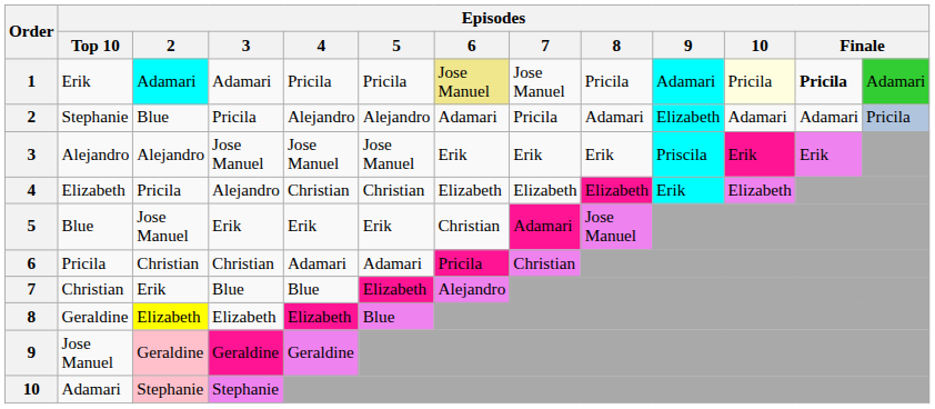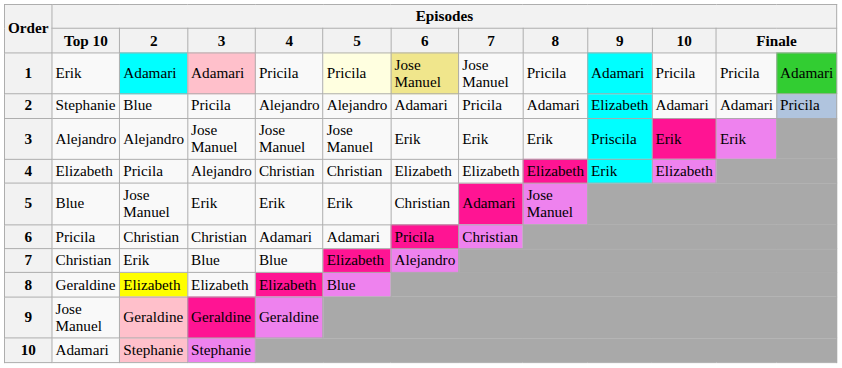 <table class="wikitable">
 <tr>
 <th rowspan=2>Order</th>
 <th colspan=12>Episodes</th>
 </tr>
 <tr>
 <th>Top 10</th>
 <th>2</th>
 <th>3</th>
 <th>4</th>
 <th>5</th>
 <th>6</th>
 <th>7</th>
 <th>8</th>
 <th>9</th>
 <th>10</th>
 <th colspan=2>Finale</th>
 </tr>
 <tr>
 <th>1</th>
 <td>Erik</td>
 <td bgcolor="cyan">Adamari</td>
-<td>Adamari</td>
+<td style="background: pink;">Adamari</td>
 <td>Pricila</td>
-<td>Pricila</td>
+<td style="background: lightyellow;">Pricila</td>
 <td style="background: khaki;">Jose Manuel</td>
 <td>Jose Manuel</td>
 <td>Pricila</td>
 <td bgcolor="cyan">Adamari</td>
-<td style="background: lightyellow;">Pricila</td>
-<td><strong>Pricila</strong></td>
+<td>Pricila</td>
+<td>Pricila</td>
 <td bgcolor="limegreen">Adamari</td>
 </tr>
 <tr>
 <th>2</th>
 <td>Stephanie</td>
 <td>Blue</td>
 <td>Pricila</td>
 <td Alejandro>Alejandro</td>
 <td>Alejandro</td>
 <td>Adamari</td>
 <td>Pricila</td>
 <td>Adamari</td>
 <td bgcolor="cyan">Elizabeth</td>
 <td>Adamari</td>
 <td>Adamari</td>
 <td bgcolor="B0C4DE">Pricila</td>
 </tr>
 <tr>
 <th>3</th>
 <td>Alejandro</td>
 <td>Alejandro</td>
 <td>Jose Manuel</td>
 <td>Jose Manuel</td>
 <td>Jose Manuel</td>
 <td>Erik</td>
 <td>Erik</td>
 <td>Erik</td>
 <td bgcolor="cyan">Priscila</td>
 <td bgcolor="DeepPink">Erik</td>
 <td bgcolor="violet">Erik</td>
 <td bgcolor="darkgray" colspan=1></td>
 </tr>
 <tr>
 <th>4</th>
 <td>Elizabeth</td>
 <td>Pricila</td>
 <td>Alejandro</td>
 <td>Christian</td>
 <td>Christian</td>
 <td>Elizabeth</td>
 <td>Elizabeth</td>
 <td bgcolor="DeepPink">Elizabeth</td>
 <td bgcolor="cyan">Erik</td>
 <td bgcolor="violet">Elizabeth</td>
 <td bgcolor="darkgray" colspan=2></td>
 </tr>
 <tr>
 <th>5</th>
 <td>Blue</td>
 <td>Jose Manuel</td>
 <td>Erik</td>
 <td>Erik</td>
 <td>Erik</td>
 <td>Christian</td>
 <td bgcolor="DeepPink">Adamari</td>
 <td bgcolor="violet">Jose Manuel</td>
 <td bgcolor="darkgray" colspan=4></td>
 </tr>
 <tr>
 <th>6</th>
 <td>Pricila</td>
 <td>Christian</td>
 <td>Christian</td>
 <td>Adamari</td>
 <td>Adamari</td>
 <td bgcolor="DeepPink">Pricila</td>
 <td bgcolor="violet">Christian</td>
 <td bgcolor="darkgray" colspan=5></td>
 </tr>
 <tr>
 <th>7</th>
 <td>Christian</td>
 <td>Erik</td>
 <td>Blue</td>
 <td>Blue</td>
 <td bgcolor="DeepPink">Elizabeth</td>
 <td bgcolor="violet">Alejandro</td>
 <td bgcolor="darkgray" colspan=6></td>
 </tr>
 <tr>
 <th>8</th>
 <td>Geraldine</td>
 <td bgcolor="yellow">Elizabeth</td>
 <td>Elizabeth</td>
 <td bgcolor="DeepPink">Elizabeth</td>
 <td bgcolor="violet">Blue</td>
 <td bgcolor="darkgray" colspan=7></td>
 </tr>
 <tr>
 <th>9</th>
 <td>Jose Manuel</td>
 <td bgcolor="pink">Geraldine</td>
 <td bgcolor="DeepPink">Geraldine</td>
 <td bgcolor="violet">Geraldine</td>
 <td bgcolor="darkgray" colspan=8></td>
 </tr>
 <tr>
 <th>10</th>
 <td>Adamari</td>
 <td bgcolor="pink">Stephanie</td>
 <td bgcolor="violet">Stephanie</td>
 <td bgcolor="darkgray" colspan=9></td>
 </tr>
 </table>
